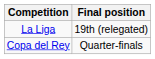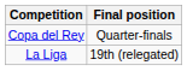 <table class="wikitable" style="font-size:100%; text-align:center">
 <tr>
 <th>Competition</th>
 <th>Final position</th>
 </tr>
 <tr style="background:">
+<td><a href='#'>Copa del Rey</a></td>
+<td>Quarter-finals</td>
+</tr>
+<tr style="background:">
 <td><a href='#'>La Liga</a></td>
 <td>19th (relegated)</td>
 </tr>
-<tr style="background:">
-<td><a href='#'>Copa del Rey</a></td>
-<td>Quarter-finals</td>
-</tr>
 </table>
